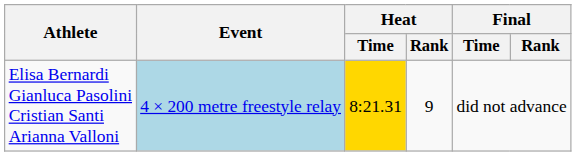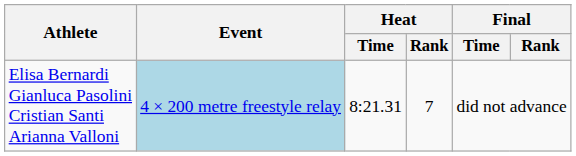 <table class=wikitable style="font-size:90%">
 <tr>
 <th rowspan="2">Athlete</th>
 <th rowspan="2">Event</th>
 <th colspan="2">Heat</th>
 <th colspan="2">Final</th>
 </tr>
 <tr style="font-size:95%">
 <th>Time</th>
 <th>Rank</th>
 <th>Time</th>
 <th>Rank</th>
 </tr>
 <tr align=center>
 <td align=left><a href='#'>Elisa Bernardi</a><br><a href='#'>Gianluca Pasolini</a><br><a href='#'>Cristian Santi</a><br><a href='#'>Arianna Valloni</a></td>
 <td align=left style="background: lightblue;"><a href='#'>4 × 200 metre freestyle relay</a></td>
-<td style="background: gold;">8:21.31</td>
-<td>9</td>
+<td>8:21.31</td>
+<td>7</td>
 <td colspan=2>did not advance</td>
 </tr>
 </table>
